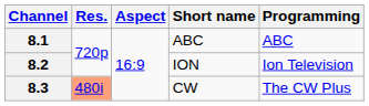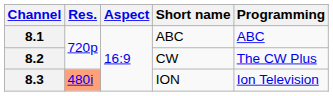 <table class="wikitable">
 <tr>
 <th scope = "col"><a href='#'>Channel</a></th>
 <th scope = "col"><a href='#'>Res.</a></th>
 <th scope = "col"><a href='#'>Aspect</a></th>
 <th scope = "col">Short name</th>
 <th scope = "col">Programming</th>
 </tr>
 <tr>
 <th scope = "row">8.1</th>
 <td rowspan="2"><a href='#'>720p</a></td>
 <td rowspan="3"><a href='#'>16:9</a></td>
 <td>ABC</td>
 <td><a href='#'>ABC</a></td>
 </tr>
 <tr>
 <th scope = "row">8.2</th>
-<td>ION</td>
-<td><a href='#'>Ion Television</a></td>
+<td>CW</td>
+<td><a href='#'>The CW Plus</a></td>
 </tr>
 <tr>
 <th scope = "row">8.3</th>
 <td style="background: lightsalmon;"><a href='#'>480i</a></td>
-<td>CW</td>
-<td><a href='#'>The CW Plus</a></td>
+<td>ION</td>
+<td><a href='#'>Ion Television</a></td>
 </tr>
 </table>
